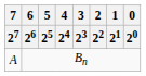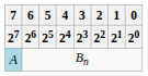 <table class="wikitable" style="font-size:110%;">
 <tr>
 <th>7</th>
 <th>6</th>
 <th>5</th>
 <th>4</th>
 <th>3</th>
 <th>2</th>
 <th>1</th>
 <th>0</th>
 </tr>
 <tr>
 <th>2<sup>7</sup></th>
 <th>2<sup>6</sup></th>
 <th>2<sup>5</sup></th>
 <th>2<sup>4</sup></th>
 <th>2<sup>3</sup></th>
 <th>2<sup>2</sup></th>
 <th>2<sup>1</sup></th>
 <th>2<sup>0</sup></th>
 </tr>
 <tr>
-<td style="text-align:center;"><em>A</em></td>
+<td style="background: lightblue; text-align:center;"><em>A</em></td>
 <td colspan="7" style="text-align:center;"><em>B<sub>n</sub></em></td>
 </tr>
 </table>
